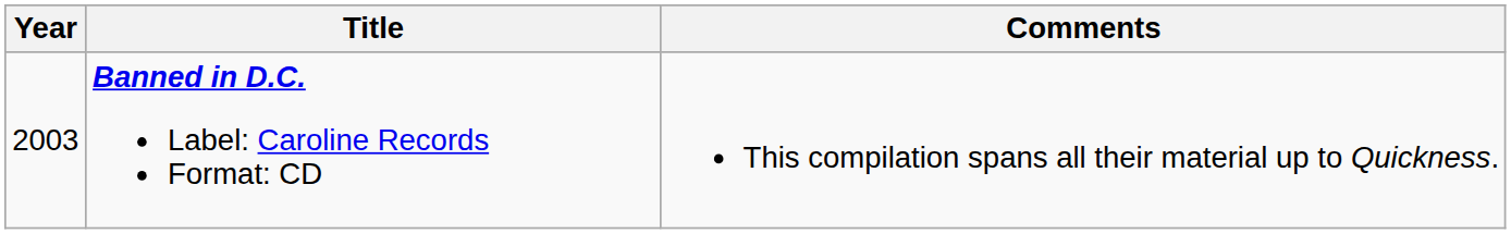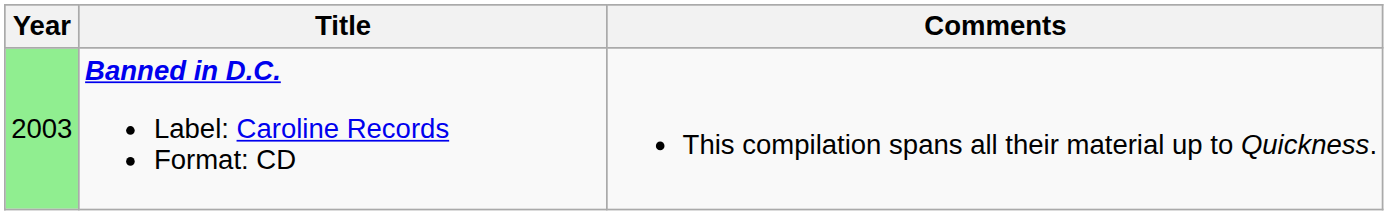 <table class="wikitable" style="text-align:left;">
 <tr>
 <th>Year</th>
 <th width="300">Title</th>
 <th>Comments</th>
 </tr>
 <tr>
-<td>2003</td>
+<td style="background: lightgreen;">2003</td>
 <td><strong><em><a href='#'>Banned in D.C.</a></em></strong><br><ul><li>Label: <a href='#'>Caroline Records</a></li><li>Format: CD</li></ul></td>
 <td><br><ul><li>This compilation spans all their material up to <em>Quickness</em>.</li></ul></td>
 </tr>
 </table>
